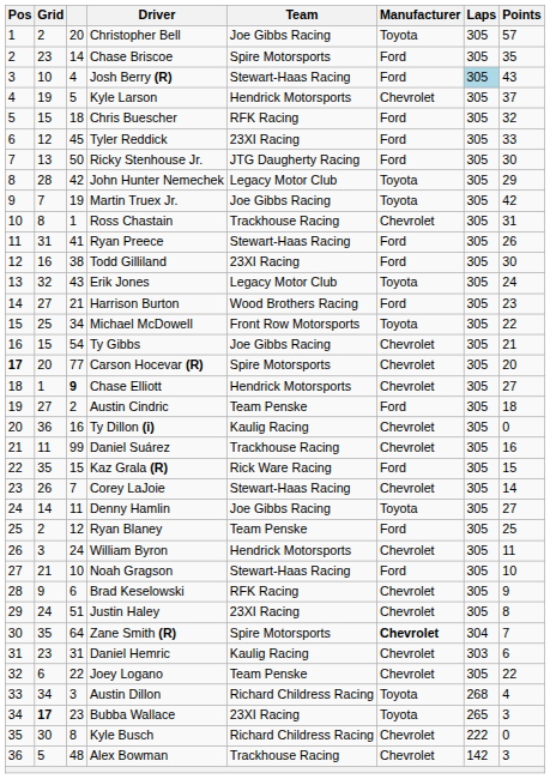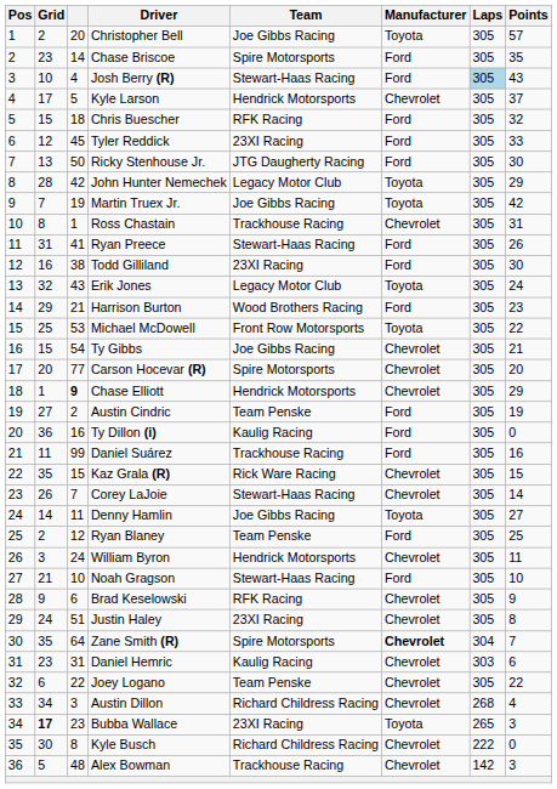 <table class="wikitable" style="font-size:98%">
 <tr>
 <th>Pos</th>
 <th>Grid</th>
 <th></th>
 <th>Driver</th>
 <th>Team</th>
 <th>Manufacturer</th>
 <th>Laps</th>
 <th>Points</th>
 </tr>
 <tr>
 <td>1</td>
 <td>2</td>
 <td>20</td>
 <td>Christopher Bell</td>
 <td>Joe Gibbs Racing</td>
 <td>Toyota</td>
 <td>305</td>
 <td>57</td>
 </tr>
 <tr>
 <td>2</td>
 <td>23</td>
 <td>14</td>
 <td>Chase Briscoe</td>
 <td>Spire Motorsports</td>
 <td>Ford</td>
 <td>305</td>
 <td>35</td>
 </tr>
 <tr>
 <td>3</td>
 <td>10</td>
 <td>4</td>
 <td>Josh Berry <strong>(R)</strong></td>
 <td>Stewart-Haas Racing</td>
 <td>Ford</td>
 <td style="background: lightblue;">305</td>
 <td>43</td>
 </tr>
 <tr>
 <td>4</td>
-<td>19</td>
+<td>17</td>
 <td>5</td>
 <td>Kyle Larson</td>
 <td>Hendrick Motorsports</td>
 <td>Chevrolet</td>
 <td>305</td>
 <td>37</td>
 </tr>
 <tr>
 <td>5</td>
 <td>15</td>
 <td>18</td>
 <td>Chris Buescher</td>
 <td>RFK Racing</td>
 <td>Ford</td>
 <td>305</td>
 <td>32</td>
 </tr>
 <tr>
 <td>6</td>
 <td>12</td>
 <td>45</td>
 <td>Tyler Reddick</td>
 <td>23XI Racing</td>
 <td>Ford</td>
 <td>305</td>
 <td>33</td>
 </tr>
 <tr>
 <td>7</td>
 <td>13</td>
 <td>50</td>
 <td>Ricky Stenhouse Jr.</td>
 <td>JTG Daugherty Racing</td>
 <td>Ford</td>
 <td>305</td>
 <td>30</td>
 </tr>
 <tr>
 <td>8</td>
 <td>28</td>
 <td>42</td>
 <td>John Hunter Nemechek</td>
 <td>Legacy Motor Club</td>
 <td>Toyota</td>
 <td>305</td>
 <td>29</td>
 </tr>
 <tr>
 <td>9</td>
 <td>7</td>
 <td>19</td>
 <td>Martin Truex Jr.</td>
 <td>Joe Gibbs Racing</td>
 <td>Toyota</td>
 <td>305</td>
 <td>42</td>
 </tr>
 <tr>
 <td>10</td>
 <td>8</td>
 <td>1</td>
 <td>Ross Chastain</td>
 <td>Trackhouse Racing</td>
 <td>Chevrolet</td>
 <td>305</td>
 <td>31</td>
 </tr>
 <tr>
 <td>11</td>
 <td>31</td>
 <td>41</td>
 <td>Ryan Preece</td>
 <td>Stewart-Haas Racing</td>
 <td>Ford</td>
 <td>305</td>
 <td>26</td>
 </tr>
 <tr>
 <td>12</td>
 <td>16</td>
 <td>38</td>
 <td>Todd Gilliland</td>
 <td>23XI Racing</td>
 <td>Ford</td>
 <td>305</td>
 <td>30</td>
 </tr>
 <tr>
 <td>13</td>
 <td>32</td>
 <td>43</td>
 <td>Erik Jones</td>
 <td>Legacy Motor Club</td>
 <td>Toyota</td>
 <td>305</td>
 <td>24</td>
 </tr>
 <tr>
 <td>14</td>
-<td>27</td>
+<td>29</td>
 <td>21</td>
 <td>Harrison Burton</td>
 <td>Wood Brothers Racing</td>
 <td>Ford</td>
 <td>305</td>
 <td>23</td>
 </tr>
 <tr>
 <td>15</td>
 <td>25</td>
-<td>34</td>
+<td>53</td>
 <td>Michael McDowell</td>
 <td>Front Row Motorsports</td>
 <td>Toyota</td>
 <td>305</td>
 <td>22</td>
 </tr>
 <tr>
 <td>16</td>
 <td>15</td>
 <td>54</td>
 <td>Ty Gibbs</td>
 <td>Joe Gibbs Racing</td>
 <td>Chevrolet</td>
 <td>305</td>
 <td>21</td>
 </tr>
 <tr>
-<td><strong>17</strong></td>
+<td>17</td>
 <td>20</td>
 <td>77</td>
 <td>Carson Hocevar <strong>(R)</strong></td>
 <td>Spire Motorsports</td>
 <td>Chevrolet</td>
 <td>305</td>
 <td>20</td>
 </tr>
 <tr>
 <td>18</td>
 <td>1</td>
 <td><strong>9</strong></td>
 <td>Chase Elliott</td>
 <td>Hendrick Motorsports</td>
 <td>Chevrolet</td>
 <td>305</td>
-<td>27</td>
+<td>29</td>
 </tr>
 <tr>
 <td>19</td>
 <td>27</td>
 <td>2</td>
 <td>Austin Cindric</td>
 <td>Team Penske</td>
 <td>Ford</td>
 <td>305</td>
-<td>18</td>
+<td>19</td>
 </tr>
 <tr>
 <td>20</td>
 <td>36</td>
 <td>16</td>
 <td>Ty Dillon <strong>(i)</strong></td>
 <td>Kaulig Racing</td>
-<td>Chevrolet</td>
+<td>Ford</td>
 <td>305</td>
 <td>0</td>
 </tr>
 <tr>
 <td>21</td>
 <td>11</td>
 <td>99</td>
 <td>Daniel Suárez</td>
 <td>Trackhouse Racing</td>
-<td>Chevrolet</td>
+<td>Ford</td>
 <td>305</td>
 <td>16</td>
 </tr>
 <tr>
 <td>22</td>
 <td>35</td>
 <td>15</td>
 <td>Kaz Grala <strong>(R)</strong></td>
 <td>Rick Ware Racing</td>
-<td>Ford</td>
+<td>Chevrolet</td>
 <td>305</td>
 <td>15</td>
 </tr>
 <tr>
 <td>23</td>
 <td>26</td>
 <td>7</td>
 <td>Corey LaJoie</td>
 <td>Stewart-Haas Racing</td>
 <td>Chevrolet</td>
 <td>305</td>
 <td>14</td>
 </tr>
 <tr>
 <td>24</td>
 <td>14</td>
 <td>11</td>
 <td>Denny Hamlin</td>
 <td>Joe Gibbs Racing</td>
 <td>Toyota</td>
 <td>305</td>
 <td>27</td>
 </tr>
 <tr>
 <td>25</td>
 <td>2</td>
 <td>12</td>
 <td>Ryan Blaney</td>
 <td>Team Penske</td>
 <td>Ford</td>
 <td>305</td>
 <td>25</td>
 </tr>
 <tr>
 <td>26</td>
 <td>3</td>
 <td>24</td>
 <td>William Byron</td>
 <td>Hendrick Motorsports</td>
 <td>Chevrolet</td>
 <td>305</td>
 <td>11</td>
 </tr>
 <tr>
 <td>27</td>
 <td>21</td>
 <td>10</td>
 <td>Noah Gragson</td>
 <td>Stewart-Haas Racing</td>
 <td>Ford</td>
 <td>305</td>
 <td>10</td>
 </tr>
 <tr>
 <td>28</td>
 <td>9</td>
 <td>6</td>
 <td>Brad Keselowski</td>
 <td>RFK Racing</td>
 <td>Chevrolet</td>
 <td>305</td>
 <td>9</td>
 </tr>
 <tr>
 <td>29</td>
 <td>24</td>
 <td>51</td>
 <td>Justin Haley</td>
 <td>23XI Racing</td>
 <td>Chevrolet</td>
 <td>305</td>
 <td>8</td>
 </tr>
 <tr>
 <td>30</td>
 <td>35</td>
 <td>64</td>
 <td>Zane Smith <strong>(R)</strong></td>
 <td>Spire Motorsports</td>
 <td><strong>Chevrolet</strong></td>
 <td>304</td>
 <td>7</td>
 </tr>
 <tr>
 <td>31</td>
 <td>23</td>
 <td>31</td>
 <td>Daniel Hemric</td>
 <td>Kaulig Racing</td>
 <td>Chevrolet</td>
 <td>303</td>
 <td>6</td>
 </tr>
 <tr>
 <td>32</td>
 <td>6</td>
 <td>22</td>
 <td>Joey Logano</td>
 <td>Team Penske</td>
 <td>Chevrolet</td>
 <td>305</td>
 <td>22</td>
 </tr>
 <tr>
 <td>33</td>
 <td>34</td>
 <td>3</td>
 <td>Austin Dillon</td>
 <td>Richard Childress Racing</td>
-<td>Toyota</td>
+<td>Chevrolet</td>
 <td>268</td>
 <td>4</td>
 </tr>
 <tr>
 <td>34</td>
 <td><strong>17</strong></td>
 <td>23</td>
 <td>Bubba Wallace</td>
 <td>23XI Racing</td>
 <td>Toyota</td>
 <td>265</td>
 <td>3</td>
 </tr>
 <tr>
 <td>35</td>
 <td>30</td>
 <td>8</td>
 <td>Kyle Busch</td>
 <td>Richard Childress Racing</td>
 <td>Chevrolet</td>
 <td>222</td>
 <td>0</td>
 </tr>
 <tr>
 <td>36</td>
 <td>5</td>
 <td>48</td>
 <td>Alex Bowman</td>
 <td>Trackhouse Racing</td>
 <td>Chevrolet</td>
 <td>142</td>
 <td>3</td>
 </tr>
 <tr>
 <th colspan="8"></th>
 </tr>
 </table>
